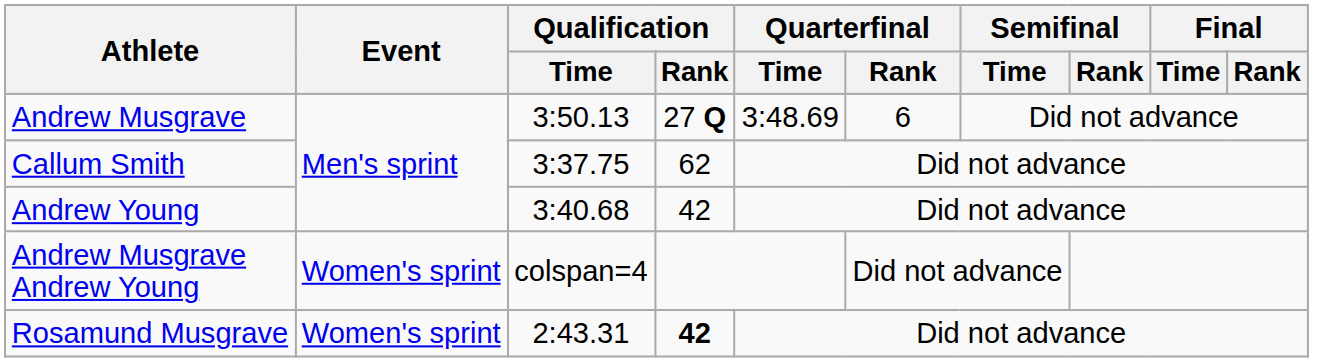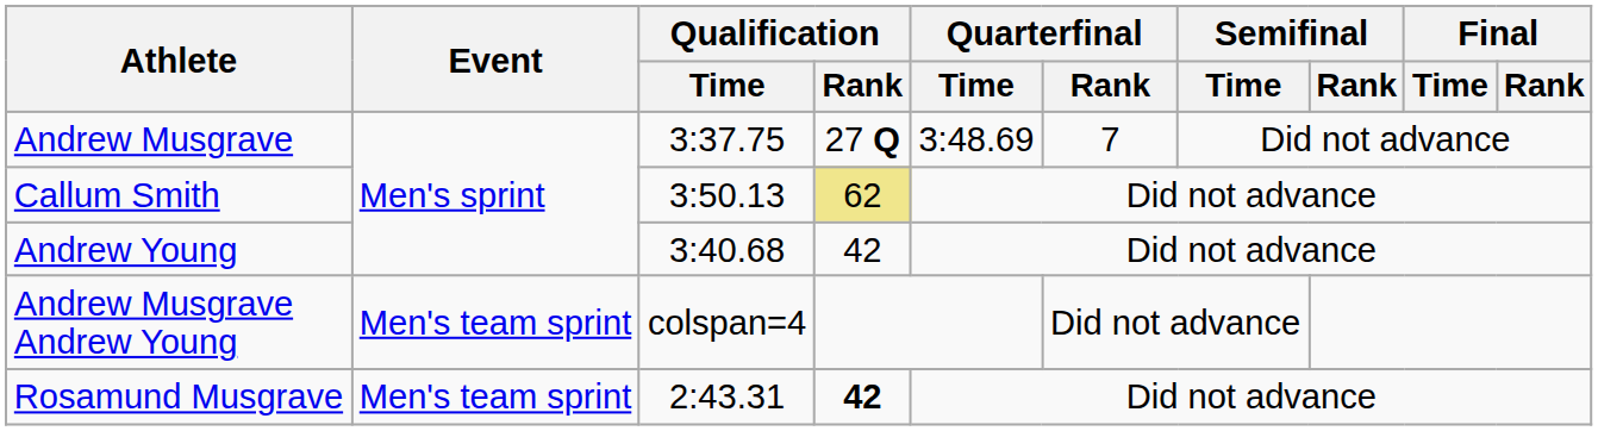 <table class="wikitable" style="font-size:90%">
 <tr>
 <th rowspan="2">Athlete</th>
 <th rowspan="2">Event</th>
 <th colspan="2">Qualification</th>
 <th colspan="2">Quarterfinal</th>
 <th colspan="2">Semifinal</th>
 <th colspan="2">Final</th>
 </tr>
 <tr style="font-size:95%">
 <th>Time</th>
 <th>Rank</th>
 <th>Time</th>
 <th>Rank</th>
 <th>Time</th>
 <th>Rank</th>
 <th>Time</th>
 <th>Rank</th>
 </tr>
 <tr align=center>
 <td align=left><a href='#'>Andrew Musgrave</a></td>
 <td style="text-align:left;" rowspan="3"><a href='#'>Men's sprint</a></td>
-<td>3:50.13</td>
+<td>3:37.75</td>
 <td>27 <strong>Q</strong></td>
 <td>3:48.69</td>
-<td>6</td>
+<td>7</td>
 <td colspan=4>Did not advance</td>
 </tr>
 <tr align=center>
 <td align=left><a href='#'>Callum Smith</a></td>
-<td>3:37.75</td>
-<td>62</td>
+<td>3:50.13</td>
+<td style="background: khaki;">62</td>
 <td colspan=6>Did not advance</td>
 </tr>
 <tr align=center>
 <td align=left><a href='#'>Andrew Young</a></td>
 <td>3:40.68</td>
 <td>42</td>
 <td colspan=6>Did not advance</td>
 </tr>
 <tr align=center>
 <td align=left><a href='#'>Andrew Musgrave</a><br><a href='#'>Andrew Young</a></td>
-<td align=left><a href='#'>Women's sprint</a></td>
+<td align=left><a href='#'>Men's team sprint</a></td>
 <td>colspan=4 </td>
 <td colspan=2></td>
 <td colspan=2>Did not advance</td>
 </tr>
 <tr align=center>
 <td align=left><a href='#'>Rosamund Musgrave</a></td>
-<td align=left><a href='#'>Women's sprint</a></td>
+<td align=left><a href='#'>Men's team sprint</a></td>
 <td>2:43.31</td>
 <td><strong>42</strong></td>
 <td colspan=6>Did not advance</td>
 </tr>
 </table>
